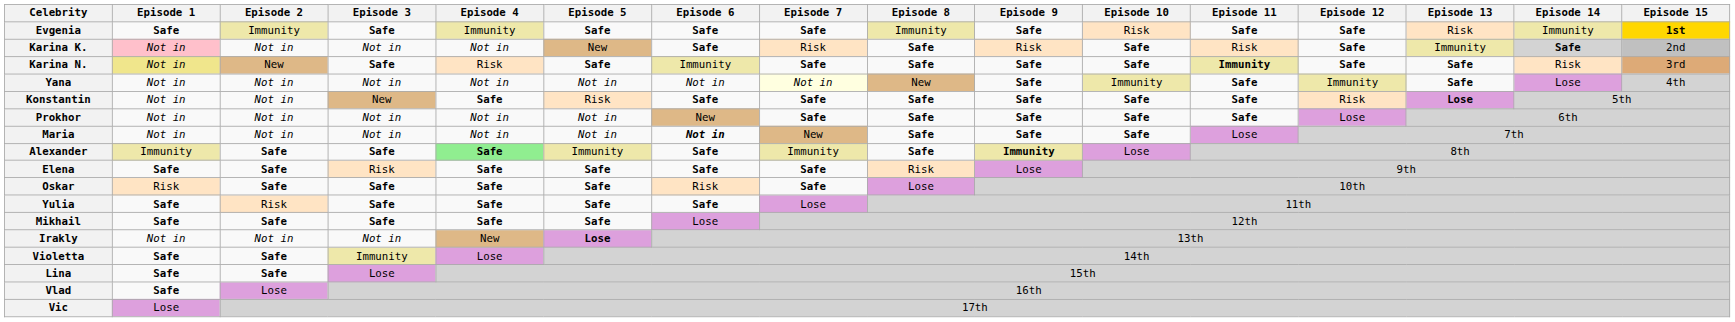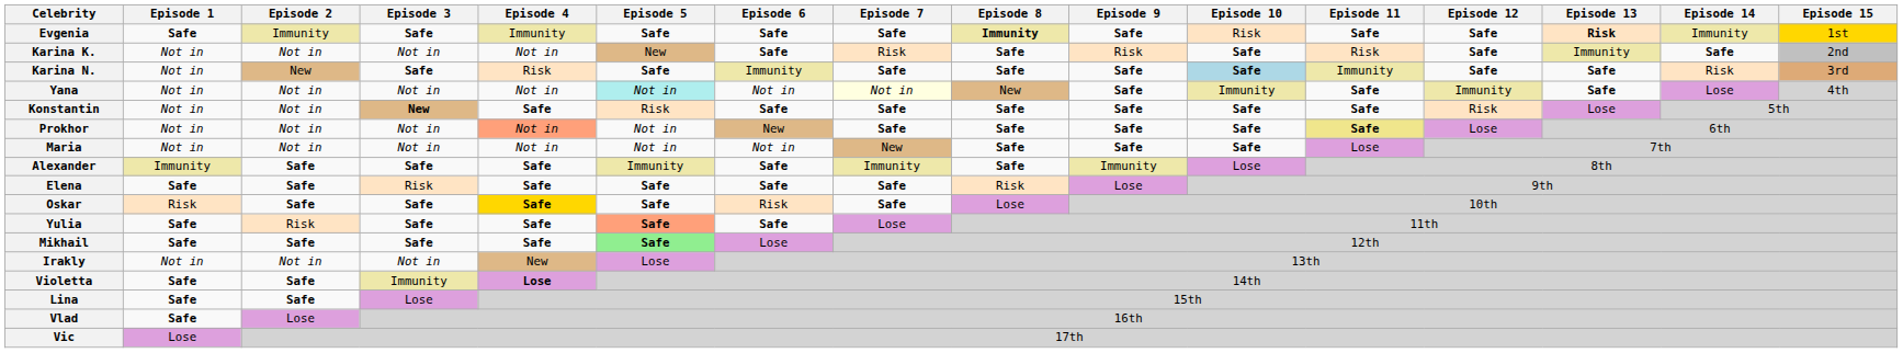 <table class="wikitable" style="text-align:center; font-size:95%; width:100%;">
 <tr>
 <th style="width:6%">Celebrity</th>
 <th style="width:6%">Episode 1</th>
 <th style="width:6%">Episode 2</th>
 <th style="width:6%">Episode 3</th>
 <th style="width:6%">Episode 4</th>
 <th style="width:6%">Episode 5</th>
 <th style="width:6%">Episode 6</th>
 <th style="width:6%">Episode 7</th>
 <th style="width:6%">Episode 8</th>
 <th style="width:6%">Episode 9</th>
 <th style="width:6%">Episode 10</th>
 <th style="width:6%">Episode 11</th>
 <th style="width:6%">Episode 12</th>
 <th style="width:6%">Episode 13</th>
 <th style="width:6%">Episode 14</th>
 <th style="width:6%">Episode 15</th>
 </tr>
 <tr>
 <th>Evgenia</th>
 <td><strong>Safe</strong></td>
 <td style="background:#EEE8AA">Immunity</td>
 <td><strong>Safe</strong></td>
 <td style="background:#EEE8AA">Immunity</td>
 <td><strong>Safe</strong></td>
 <td><strong>Safe</strong></td>
 <td><strong>Safe</strong></td>
-<td style="background:#EEE8AA">Immunity</td>
+<td style="background:#EEE8AA"><strong>Immunity</strong></td>
 <td><strong>Safe</strong></td>
 <td style="background:#FFE4C4">Risk</td>
 <td><strong>Safe</strong></td>
 <td><strong>Safe</strong></td>
-<td style="background:#FFE4C4">Risk</td>
+<td style="background:#FFE4C4"><strong>Risk</strong></td>
 <td style="background:#EEE8AA">Immunity</td>
-<td style="background:gold"><strong>1st</strong></td>
+<td style="background:gold">1st</td>
 </tr>
 <tr>
 <th>Karina K.</th>
-<td style="background: pink;"><em>Not in</em></td>
+<td><em>Not in</em></td>
 <td><em>Not in</em></td>
 <td><em>Not in</em></td>
 <td><em>Not in</em></td>
 <td style="background:#DEB887">New</td>
 <td><strong>Safe</strong></td>
 <td style="background:#FFE4C4">Risk</td>
 <td><strong>Safe</strong></td>
 <td style="background:#FFE4C4">Risk</td>
 <td><strong>Safe</strong></td>
 <td style="background:#FFE4C4">Risk</td>
 <td><strong>Safe</strong></td>
 <td style="background:#EEE8AA">Immunity</td>
-<td style="background: lightgrey;"><strong>Safe</strong></td>
+<td><strong>Safe</strong></td>
 <td style="background:silver">2nd</td>
 </tr>
 <tr>
 <th>Karina N.</th>
-<td style="background: khaki;"><em>Not in</em></td>
+<td><em>Not in</em></td>
 <td style="background:#DEB887">New</td>
 <td><strong>Safe</strong></td>
 <td style="background:#FFE4C4">Risk</td>
 <td><strong>Safe</strong></td>
 <td style="background:#EEE8AA">Immunity</td>
 <td><strong>Safe</strong></td>
 <td><strong>Safe</strong></td>
 <td><strong>Safe</strong></td>
-<td><strong>Safe</strong></td>
-<td style="background:#EEE8AA"><strong>Immunity</strong></td>
+<td style="background: lightblue;"><strong>Safe</strong></td>
+<td style="background:#EEE8AA">Immunity</td>
 <td><strong>Safe</strong></td>
 <td><strong>Safe</strong></td>
 <td style="background:#FFE4C4">Risk</td>
 <td style="background:#da7">3rd</td>
 </tr>
 <tr>
 <th>Yana</th>
 <td><em>Not in</em></td>
 <td><em>Not in</em></td>
 <td><em>Not in</em></td>
 <td><em>Not in</em></td>
-<td><em>Not in</em></td>
+<td style="background: paleturquoise;"><em>Not in</em></td>
 <td><em>Not in</em></td>
 <td style="background: lightyellow;"><em>Not in</em></td>
 <td style="background:#DEB887">New</td>
 <td><strong>Safe</strong></td>
 <td style="background:#EEE8AA">Immunity</td>
 <td><strong>Safe</strong></td>
 <td style="background:#EEE8AA">Immunity</td>
 <td><strong>Safe</strong></td>
 <td style="background:#DDA0DD">Lose</td>
 <td style="background:lightgrey" colspan=1>4th</td>
 </tr>
 <tr>
 <th>Konstantin</th>
 <td><em>Not in</em></td>
 <td><em>Not in</em></td>
-<td style="background:#DEB887">New</td>
+<td style="background:#DEB887"><strong>New</strong></td>
 <td><strong>Safe</strong></td>
 <td style="background:#FFE4C4">Risk</td>
 <td><strong>Safe</strong></td>
 <td><strong>Safe</strong></td>
 <td><strong>Safe</strong></td>
 <td><strong>Safe</strong></td>
 <td><strong>Safe</strong></td>
 <td><strong>Safe</strong></td>
 <td style="background:#FFE4C4">Risk</td>
-<td style="background:#DDA0DD"><strong>Lose</strong></td>
+<td style="background:#DDA0DD">Lose</td>
 <td style="background:lightgrey" colspan=2>5th</td>
 </tr>
 <tr>
 <th>Prokhor</th>
 <td><em>Not in</em></td>
 <td><em>Not in</em></td>
 <td><em>Not in</em></td>
-<td><em>Not in</em></td>
+<td style="background: lightsalmon;"><em>Not in</em></td>
 <td><em>Not in</em></td>
 <td style="background:#DEB887">New</td>
 <td><strong>Safe</strong></td>
 <td><strong>Safe</strong></td>
 <td><strong>Safe</strong></td>
 <td><strong>Safe</strong></td>
-<td><strong>Safe</strong></td>
+<td style="background: khaki;"><strong>Safe</strong></td>
 <td style="background:#DDA0DD">Lose</td>
 <td style="background:lightgrey" colspan=3>6th</td>
 </tr>
 <tr>
 <th>Maria</th>
 <td><em>Not in</em></td>
 <td><em>Not in</em></td>
 <td><em>Not in</em></td>
 <td><em>Not in</em></td>
 <td><em>Not in</em></td>
-<td><strong><em>Not in</em></strong></td>
+<td><em>Not in</em></td>
 <td style="background:#DEB887">New</td>
 <td><strong>Safe</strong></td>
 <td><strong>Safe</strong></td>
 <td><strong>Safe</strong></td>
 <td style="background:#DDA0DD">Lose</td>
 <td style="background:lightgrey" colspan=4>7th</td>
 </tr>
 <tr>
 <th>Alexander</th>
 <td style="background:#EEE8AA">Immunity</td>
 <td><strong>Safe</strong></td>
 <td><strong>Safe</strong></td>
-<td style="background: lightgreen;"><strong>Safe</strong></td>
+<td><strong>Safe</strong></td>
 <td style="background:#EEE8AA">Immunity</td>
 <td><strong>Safe</strong></td>
 <td style="background:#EEE8AA">Immunity</td>
 <td><strong>Safe</strong></td>
-<td style="background:#EEE8AA"><strong>Immunity</strong></td>
+<td style="background:#EEE8AA">Immunity</td>
 <td style="background:#DDA0DD">Lose</td>
 <td style="background:lightgrey" colspan=5>8th</td>
 </tr>
 <tr>
 <th>Elena</th>
 <td><strong>Safe</strong></td>
 <td><strong>Safe</strong></td>
 <td style="background:#FFE4C4">Risk</td>
 <td><strong>Safe</strong></td>
 <td><strong>Safe</strong></td>
 <td><strong>Safe</strong></td>
 <td><strong>Safe</strong></td>
 <td style="background:#FFE4C4">Risk</td>
 <td style="background:#DDA0DD">Lose</td>
 <td style="background:lightgrey" colspan=6>9th</td>
 </tr>
 <tr>
 <th>Oskar</th>
 <td style="background:#FFE4C4">Risk</td>
 <td><strong>Safe</strong></td>
 <td><strong>Safe</strong></td>
-<td><strong>Safe</strong></td>
+<td style="background: gold;"><strong>Safe</strong></td>
 <td><strong>Safe</strong></td>
 <td style="background:#FFE4C4">Risk</td>
 <td><strong>Safe</strong></td>
 <td style="background:#DDA0DD">Lose</td>
 <td style="background:lightgrey" colspan=7>10th</td>
 </tr>
 <tr>
 <th>Yulia</th>
 <td><strong>Safe</strong></td>
 <td style="background:#FFE4C4">Risk</td>
 <td><strong>Safe</strong></td>
 <td><strong>Safe</strong></td>
-<td><strong>Safe</strong></td>
+<td style="background: lightsalmon;"><strong>Safe</strong></td>
 <td><strong>Safe</strong></td>
 <td style="background:#DDA0DD">Lose</td>
 <td style="background:lightgrey" colspan=8>11th</td>
 </tr>
 <tr>
 <th>Mikhail</th>
 <td><strong>Safe</strong></td>
 <td><strong>Safe</strong></td>
 <td><strong>Safe</strong></td>
 <td><strong>Safe</strong></td>
-<td><strong>Safe</strong></td>
+<td style="background: lightgreen;"><strong>Safe</strong></td>
 <td style="background:#DDA0DD">Lose</td>
 <td style="background:lightgrey" colspan=9>12th</td>
 </tr>
 <tr>
 <th>Irakly</th>
 <td><em>Not in</em></td>
 <td><em>Not in</em></td>
 <td><em>Not in</em></td>
 <td style="background:#DEB887">New</td>
-<td style="background:#DDA0DD"><strong>Lose</strong></td>
+<td style="background:#DDA0DD">Lose</td>
 <td style="background:lightgrey" colspan=10>13th</td>
 </tr>
 <tr>
 <th>Violetta</th>
 <td><strong>Safe</strong></td>
 <td><strong>Safe</strong></td>
 <td style="background:#EEE8AA">Immunity</td>
-<td style="background:#DDA0DD">Lose</td>
+<td style="background:#DDA0DD"><strong>Lose</strong></td>
 <td style="background:lightgrey" colspan=11>14th</td>
 </tr>
 <tr>
 <th>Lina</th>
 <td><strong>Safe</strong></td>
 <td><strong>Safe</strong></td>
 <td style="background:#DDA0DD">Lose</td>
 <td style="background:lightgrey" colspan=12>15th</td>
 </tr>
 <tr>
 <th>Vlad</th>
 <td><strong>Safe</strong></td>
 <td style="background:#DDA0DD">Lose</td>
 <td style="background:lightgrey" colspan=13>16th</td>
 </tr>
 <tr>
 <th>Vic</th>
 <td style="background:#DDA0DD">Lose</td>
 <td style="background:lightgrey" colspan=14>17th</td>
 </tr>
 </table>
